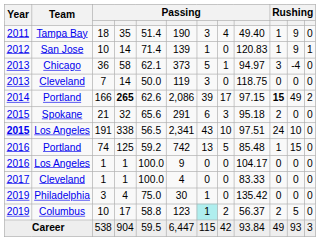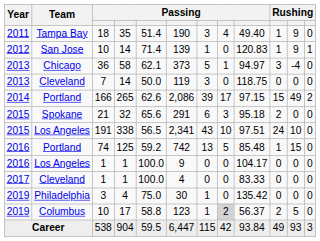 <table class="wikitable sortable" style="text-align:center">
 <tr>
 <th rowspan=2>Year</th>
 <th rowspan=2>Team</th>
 <th colspan=7>Passing</th>
 <th colspan=3>Rushing</th>
 </tr>
 <tr>
 <th></th>
 <th></th>
 <th></th>
 <th></th>
 <th></th>
 <th></th>
 <th></th>
 <th></th>
 <th></th>
 <th></th>
 </tr>
 <tr>
 <td><a href='#'>2011</a></td>
 <td><a href='#'>Tampa Bay</a></td>
 <td>18</td>
 <td>35</td>
 <td>51.4</td>
 <td>190</td>
 <td>3</td>
 <td>4</td>
 <td>49.40</td>
 <td>1</td>
 <td>9</td>
 <td>0</td>
 </tr>
 <tr>
 <td><a href='#'>2012</a></td>
 <td><a href='#'>San Jose</a></td>
 <td>10</td>
 <td>14</td>
 <td>71.4</td>
 <td>139</td>
 <td>1</td>
 <td>0</td>
 <td>120.83</td>
 <td>1</td>
 <td>9</td>
 <td>1</td>
 </tr>
 <tr>
 <td><a href='#'>2013</a></td>
 <td><a href='#'>Chicago</a></td>
 <td>36</td>
 <td>58</td>
 <td>62.1</td>
 <td>373</td>
 <td>5</td>
 <td>1</td>
 <td>94.97</td>
 <td>3</td>
 <td>-4</td>
 <td>0</td>
 </tr>
 <tr>
 <td><a href='#'>2013</a></td>
 <td><a href='#'>Cleveland</a></td>
 <td>7</td>
 <td>14</td>
 <td>50.0</td>
 <td>119</td>
 <td>3</td>
 <td>0</td>
 <td>118.75</td>
 <td>0</td>
 <td>0</td>
 <td>0</td>
 </tr>
 <tr>
 <td><a href='#'>2014</a></td>
 <td><a href='#'>Portland</a></td>
 <td>166</td>
-<td><strong>265</strong></td>
+<td>265</td>
 <td>62.6</td>
 <td>2,086</td>
 <td>39</td>
 <td>17</td>
 <td>97.15</td>
-<td><strong>15</strong></td>
+<td>15</td>
 <td>49</td>
 <td>2</td>
 </tr>
 <tr>
 <td><a href='#'>2015</a></td>
 <td><a href='#'>Spokane</a></td>
 <td>21</td>
 <td>32</td>
 <td>65.6</td>
 <td>291</td>
 <td>6</td>
 <td>3</td>
 <td>95.18</td>
 <td>2</td>
 <td>0</td>
 <td>0</td>
 </tr>
 <tr>
-<td><strong><a href='#'>2015</a></strong></td>
+<td><a href='#'>2015</a></td>
 <td><a href='#'>Los Angeles</a></td>
 <td>191</td>
 <td>338</td>
 <td>56.5</td>
 <td>2,341</td>
 <td>43</td>
 <td>10</td>
 <td>97.51</td>
 <td>24</td>
 <td>10</td>
 <td>0</td>
 </tr>
 <tr>
 <td><a href='#'>2016</a></td>
 <td><a href='#'>Portland</a></td>
 <td>74</td>
 <td>125</td>
 <td>59.2</td>
 <td>742</td>
 <td>13</td>
 <td>5</td>
 <td>85.48</td>
 <td>1</td>
 <td>15</td>
 <td>0</td>
 </tr>
 <tr>
 <td><a href='#'>2016</a></td>
 <td><a href='#'>Los Angeles</a></td>
 <td>1</td>
 <td>1</td>
 <td>100.0</td>
 <td>9</td>
 <td>0</td>
 <td>0</td>
 <td>104.17</td>
 <td>0</td>
 <td>0</td>
 <td>0</td>
 </tr>
 <tr>
 <td><a href='#'>2017</a></td>
 <td><a href='#'>Cleveland</a></td>
 <td>1</td>
 <td>1</td>
 <td>100.0</td>
 <td>4</td>
 <td>0</td>
 <td>0</td>
 <td>83.33</td>
 <td>0</td>
 <td>0</td>
 <td>0</td>
 </tr>
 <tr>
 <td><a href='#'>2019</a></td>
 <td><a href='#'>Philadelphia</a></td>
 <td>3</td>
 <td>4</td>
 <td>75.0</td>
 <td>30</td>
 <td>1</td>
 <td>0</td>
 <td>135.42</td>
 <td>0</td>
 <td>0</td>
 <td>0</td>
 </tr>
 <tr>
 <td><a href='#'>2019</a></td>
 <td><a href='#'>Columbus</a></td>
 <td>10</td>
 <td>17</td>
 <td>58.8</td>
 <td>123</td>
-<td style="background: paleturquoise;">1</td>
-<td>2</td>
+<td>1</td>
+<td style="background: lightgrey;">2</td>
 <td>56.37</td>
 <td>2</td>
 <td>5</td>
 <td>0</td>
 </tr>
 <tr class="sortbottom" style="background:#eee;">
 <td colspan=2><strong>Career</strong></td>
 <td>538</td>
 <td>904</td>
 <td>59.5</td>
 <td>6,447</td>
 <td>115</td>
 <td>42</td>
 <td>93.84</td>
 <td>49</td>
 <td>93</td>
 <td>3</td>
 </tr>
 </table>
